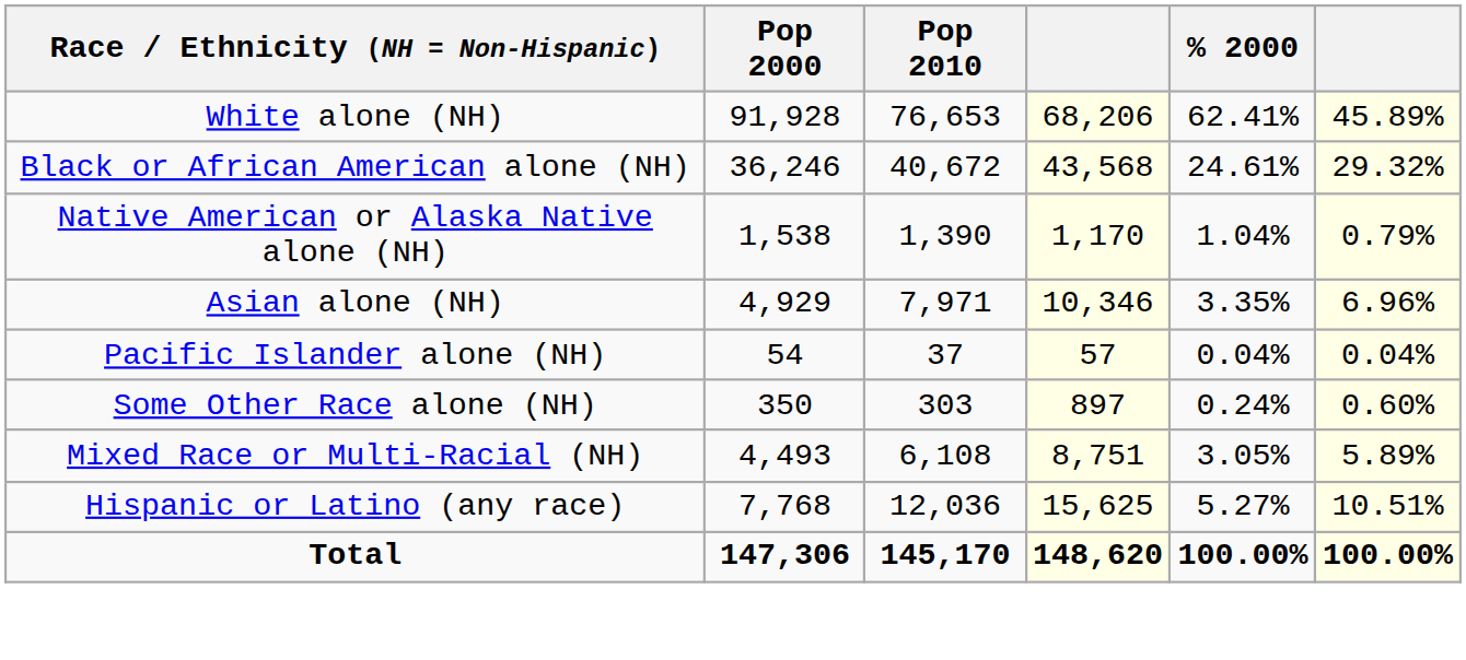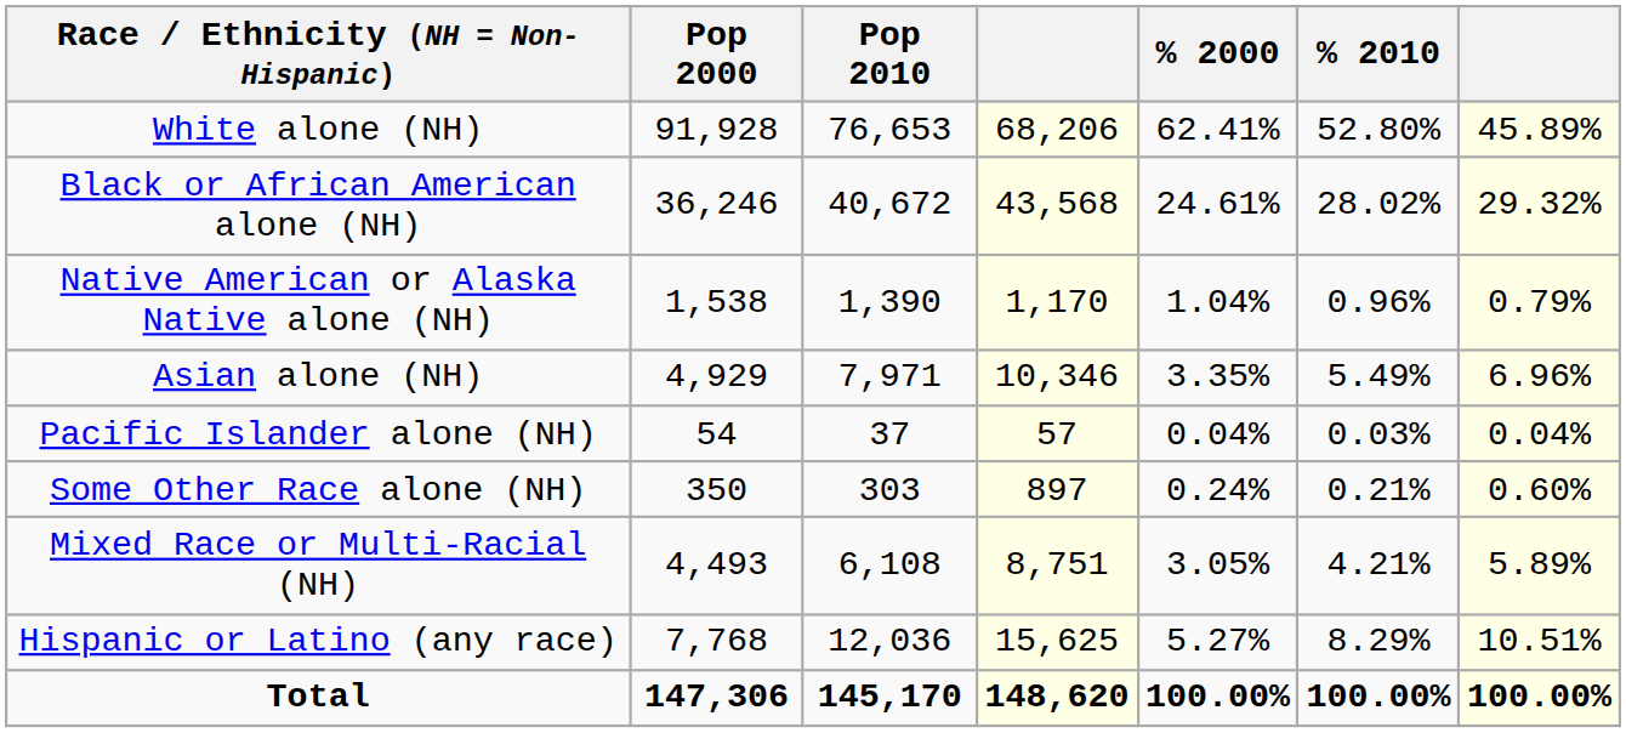 <table class="wikitable" style="text-align:center;">
 <tr>
 <th>Race / Ethnicity <small>(<em>NH = Non-Hispanic</em>)</small></th>
 <th>Pop 2000</th>
 <th>Pop 2010</th>
 <th></th>
 <th>% 2000</th>
+<th>% 2010</th>
 <th></th>
 </tr>
 <tr>
 <td><a href='#'>White</a> alone (NH)</td>
 <td>91,928</td>
 <td>76,653</td>
 <td style='background: #ffffe6;'>68,206</td>
 <td>62.41%</td>
+<td>52.80%</td>
 <td style='background: #ffffe6;'>45.89%</td>
 </tr>
 <tr>
 <td><a href='#'>Black or African American</a> alone (NH)</td>
 <td>36,246</td>
 <td>40,672</td>
 <td style='background: #ffffe6;'>43,568</td>
 <td>24.61%</td>
+<td>28.02%</td>
 <td style='background: #ffffe6;'>29.32%</td>
 </tr>
 <tr>
 <td><a href='#'>Native American</a> or <a href='#'>Alaska Native</a> alone (NH)</td>
 <td>1,538</td>
 <td>1,390</td>
 <td style='background: #ffffe6;'>1,170</td>
 <td>1.04%</td>
+<td>0.96%</td>
 <td style='background: #ffffe6;'>0.79%</td>
 </tr>
 <tr>
 <td><a href='#'>Asian</a> alone (NH)</td>
 <td>4,929</td>
 <td>7,971</td>
 <td style='background: #ffffe6;'>10,346</td>
 <td>3.35%</td>
+<td>5.49%</td>
 <td style='background: #ffffe6;'>6.96%</td>
 </tr>
 <tr>
 <td><a href='#'>Pacific Islander</a> alone (NH)</td>
 <td>54</td>
 <td>37</td>
 <td style='background: #ffffe6;'>57</td>
 <td>0.04%</td>
+<td>0.03%</td>
 <td style='background: #ffffe6;'>0.04%</td>
 </tr>
 <tr>
 <td><a href='#'>Some Other Race</a> alone (NH)</td>
 <td>350</td>
 <td>303</td>
 <td style='background: #ffffe6;'>897</td>
 <td>0.24%</td>
+<td>0.21%</td>
 <td style='background: #ffffe6;'>0.60%</td>
 </tr>
 <tr>
 <td><a href='#'>Mixed Race or Multi-Racial</a> (NH)</td>
 <td>4,493</td>
 <td>6,108</td>
 <td style='background: #ffffe6;'>8,751</td>
 <td>3.05%</td>
+<td>4.21%</td>
 <td style='background: #ffffe6;'>5.89%</td>
 </tr>
 <tr>
 <td><a href='#'>Hispanic or Latino</a> (any race)</td>
 <td>7,768</td>
 <td>12,036</td>
 <td style='background: #ffffe6;'>15,625</td>
 <td>5.27%</td>
+<td>8.29%</td>
 <td style='background: #ffffe6;'>10.51%</td>
 </tr>
 <tr>
 <td><strong>Total</strong></td>
 <td><strong>147,306</strong></td>
 <td><strong>145,170</strong></td>
 <td style='background: #ffffe6;'><strong>148,620</strong></td>
 <td><strong>100.00%</strong></td>
+<td><strong>100.00%</strong></td>
 <td style='background: #ffffe6;'><strong>100.00%</strong></td>
 </tr>
 </table>
